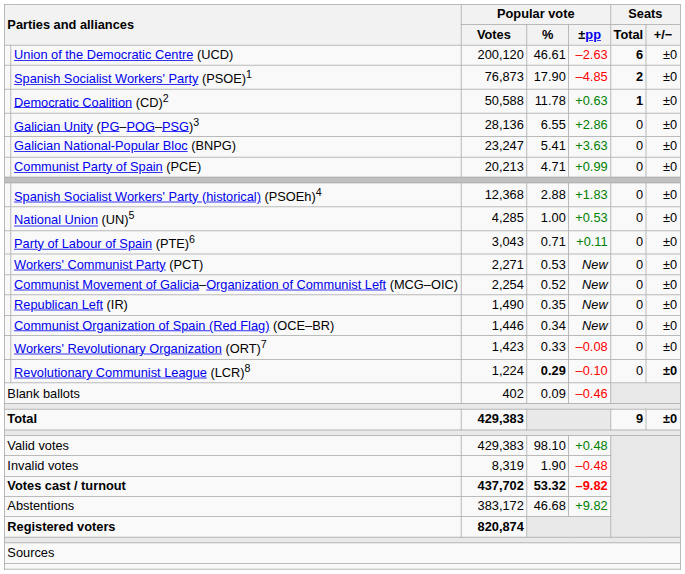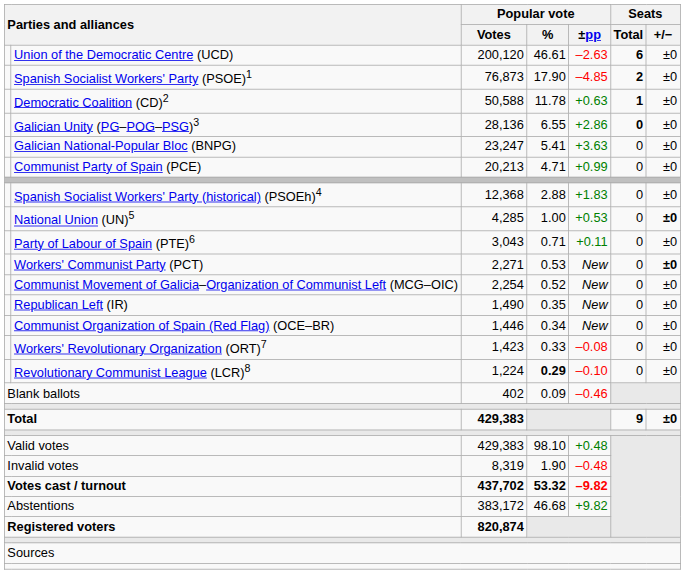 <table class="wikitable" style="text-align:right;">
 <tr>
 <th style="text-align:left;" rowspan="2" colspan="2" width="525">Parties and alliances</th>
 <th colspan="3">Popular vote</th>
 <th colspan="2">Seats</th>
 </tr>
 <tr>
 <th width="75">Votes</th>
 <th width="45">%</th>
 <th width="45">±<a href='#'>pp</a></th>
 <th width="35">Total</th>
 <th width="35">+/−</th>
 </tr>
 <tr>
 <td width="1" style="color:inherit;background:"></td>
 <td align="left"><a href='#'>Union of the Democratic Centre</a> (UCD)</td>
 <td>200,120</td>
 <td>46.61</td>
 <td style="color:red;">–2.63</td>
 <td><strong>6</strong></td>
 <td>±0</td>
 </tr>
 <tr>
 <td style="color:inherit;background:"></td>
 <td align="left"><a href='#'>Spanish Socialist Workers' Party</a> (PSOE)<sup>1</sup></td>
 <td>76,873</td>
 <td>17.90</td>
 <td style="color:red;">–4.85</td>
 <td><strong>2</strong></td>
 <td>±0</td>
 </tr>
 <tr>
 <td style="color:inherit;background:"></td>
 <td align="left"><a href='#'>Democratic Coalition</a> (CD)<sup>2</sup></td>
 <td>50,588</td>
 <td>11.78</td>
 <td style="color:green;">+0.63</td>
 <td><strong>1</strong></td>
 <td>±0</td>
 </tr>
 <tr>
 <td style="color:inherit;background:"></td>
 <td align="left"><a href='#'>Galician Unity</a> (<a href='#'>PG</a>–<a href='#'>POG</a>–<a href='#'>PSG</a>)<sup>3</sup></td>
 <td>28,136</td>
 <td>6.55</td>
 <td style="color:green;">+2.86</td>
-<td>0</td>
+<td><strong>0</strong></td>
 <td>±0</td>
 </tr>
 <tr>
 <td style="color:inherit;background:"></td>
 <td align="left"><a href='#'>Galician National-Popular Bloc</a> (BNPG)</td>
 <td>23,247</td>
 <td>5.41</td>
 <td style="color:green;">+3.63</td>
 <td>0</td>
 <td>±0</td>
 </tr>
 <tr>
 <td style="color:inherit;background:"></td>
 <td align="left"><a href='#'>Communist Party of Spain</a> (PCE)</td>
 <td>20,213</td>
 <td>4.71</td>
 <td style="color:green;">+0.99</td>
 <td>0</td>
 <td>±0</td>
 </tr>
 <tr>
 <td colspan="7" bgcolor="#C0C0C0"></td>
 </tr>
 <tr>
 <td style="color:inherit;background:"></td>
 <td align="left"><a href='#'>Spanish Socialist Workers' Party (historical)</a> (PSOEh)<sup>4</sup></td>
 <td>12,368</td>
 <td>2.88</td>
 <td style="color:green;">+1.83</td>
 <td>0</td>
 <td>±0</td>
 </tr>
 <tr>
 <td style="color:inherit;background:"></td>
 <td align="left"><a href='#'>National Union</a> (UN)<sup>5</sup></td>
 <td>4,285</td>
 <td>1.00</td>
 <td style="color:green;">+0.53</td>
 <td>0</td>
-<td>±0</td>
+<td><strong>±0</strong></td>
 </tr>
 <tr>
 <td style="color:inherit;background:"></td>
 <td align="left"><a href='#'>Party of Labour of Spain</a> (PTE)<sup>6</sup></td>
 <td>3,043</td>
 <td>0.71</td>
 <td style="color:green;">+0.11</td>
 <td>0</td>
 <td>±0</td>
 </tr>
 <tr>
 <td style="color:inherit;background:"></td>
 <td align="left"><a href='#'>Workers' Communist Party</a> (PCT)</td>
 <td>2,271</td>
 <td>0.53</td>
 <td><em>New</em></td>
 <td>0</td>
-<td>±0</td>
+<td><strong>±0</strong></td>
 </tr>
 <tr>
 <td style="color:inherit;background:"></td>
 <td align="left"><a href='#'>Communist Movement of Galicia</a>–<a href='#'>Organization of Communist Left</a> (MCG–OIC)</td>
 <td>2,254</td>
 <td>0.52</td>
 <td><em>New</em></td>
 <td>0</td>
 <td>±0</td>
 </tr>
 <tr>
 <td style="color:inherit;background:"></td>
 <td align="left"><a href='#'>Republican Left</a> (IR)</td>
 <td>1,490</td>
 <td>0.35</td>
 <td><em>New</em></td>
 <td>0</td>
 <td>±0</td>
 </tr>
 <tr>
 <td style="color:inherit;background:"></td>
 <td align="left"><a href='#'>Communist Organization of Spain (Red Flag)</a> (OCE–BR)</td>
 <td>1,446</td>
 <td>0.34</td>
 <td><em>New</em></td>
 <td>0</td>
 <td>±0</td>
 </tr>
 <tr>
 <td style="color:inherit;background:"></td>
 <td align="left"><a href='#'>Workers' Revolutionary Organization</a> (ORT)<sup>7</sup></td>
 <td>1,423</td>
 <td>0.33</td>
 <td style="color:red;">–0.08</td>
 <td>0</td>
 <td>±0</td>
 </tr>
 <tr>
 <td style="color:inherit;background:"></td>
 <td align="left"><a href='#'>Revolutionary Communist League</a> (LCR)<sup>8</sup></td>
 <td>1,224</td>
 <td><strong>0.29</strong></td>
 <td style="color:red;">–0.10</td>
 <td>0</td>
-<td><strong>±0</strong></td>
+<td>±0</td>
 </tr>
 <tr>
 <td align="left" colspan="2">Blank ballots</td>
 <td>402</td>
 <td>0.09</td>
 <td style="color:red;">–0.46</td>
 <td bgcolor="#E9E9E9" colspan="2"></td>
 </tr>
 <tr>
 <td colspan="7" bgcolor="#E9E9E9"></td>
 </tr>
 <tr style="font-weight:bold;">
 <td align="left" colspan="2">Total</td>
 <td>429,383</td>
 <td bgcolor="#E9E9E9" colspan="2"></td>
 <td>9</td>
 <td>±0</td>
 </tr>
 <tr>
 <td colspan="7" bgcolor="#E9E9E9"></td>
 </tr>
 <tr>
 <td align="left" colspan="2">Valid votes</td>
 <td>429,383</td>
 <td>98.10</td>
 <td style="color:green;">+0.48</td>
 <td bgcolor="#E9E9E9" colspan="2" rowspan="5"></td>
 </tr>
 <tr>
 <td align="left" colspan="2">Invalid votes</td>
 <td>8,319</td>
 <td>1.90</td>
 <td style="color:red;">–0.48</td>
 </tr>
 <tr style="font-weight:bold;">
 <td align="left" colspan="2">Votes cast / turnout</td>
 <td>437,702</td>
 <td>53.32</td>
 <td style="color:red;">–9.82</td>
 </tr>
 <tr>
 <td align="left" colspan="2">Abstentions</td>
 <td>383,172</td>
 <td>46.68</td>
 <td style="color:green;">+9.82</td>
 </tr>
 <tr style="font-weight:bold;">
 <td align="left" colspan="2">Registered voters</td>
 <td>820,874</td>
 <td bgcolor="#E9E9E9" colspan="2"></td>
 </tr>
 <tr>
 <td colspan="7" bgcolor="#E9E9E9"></td>
 </tr>
 <tr>
 <td align="left" colspan="7">Sources</td>
 </tr>
 <tr>
 <td colspan="7" style="text-align:left; max-width:790px;"></td>
 </tr>
 </table>
